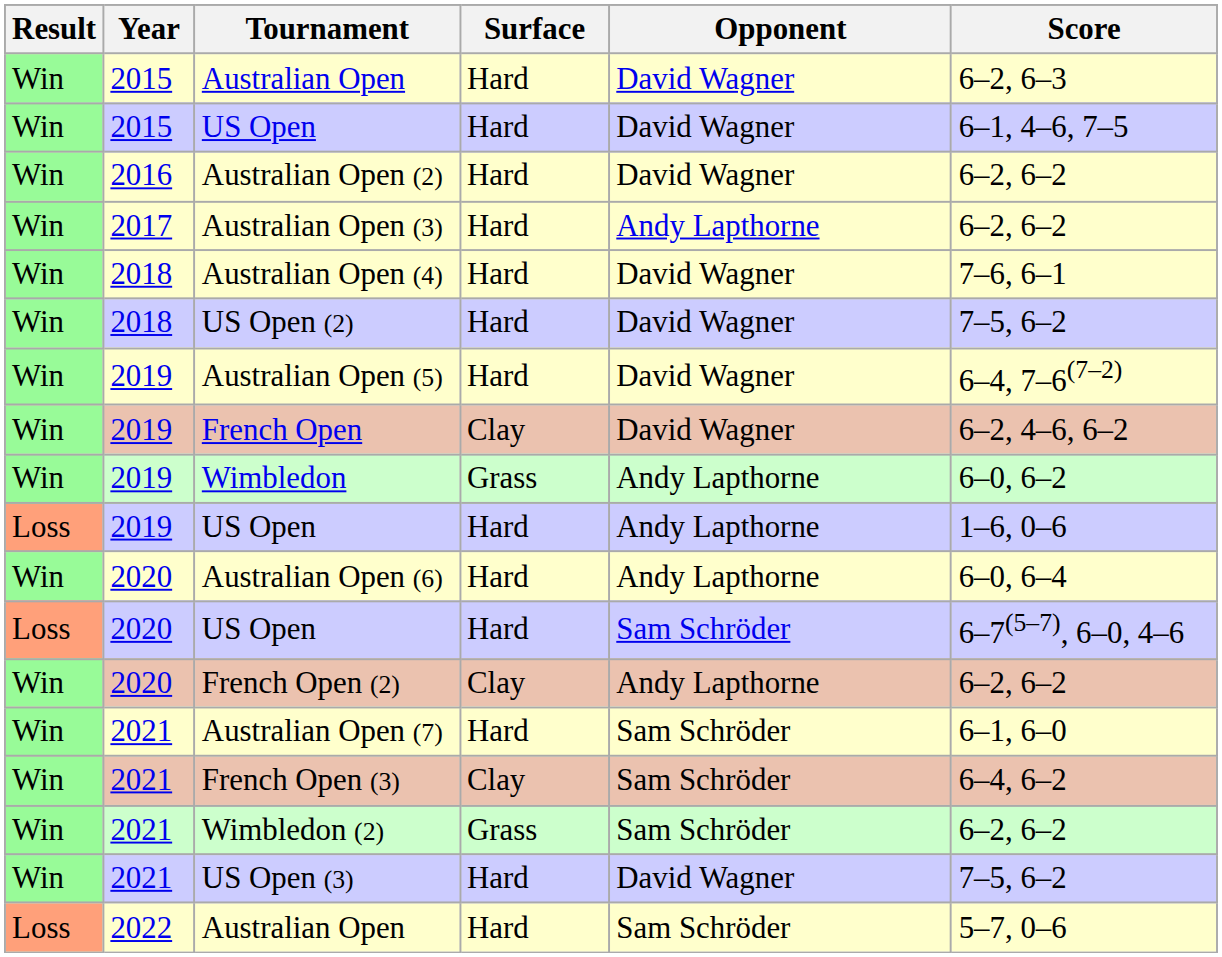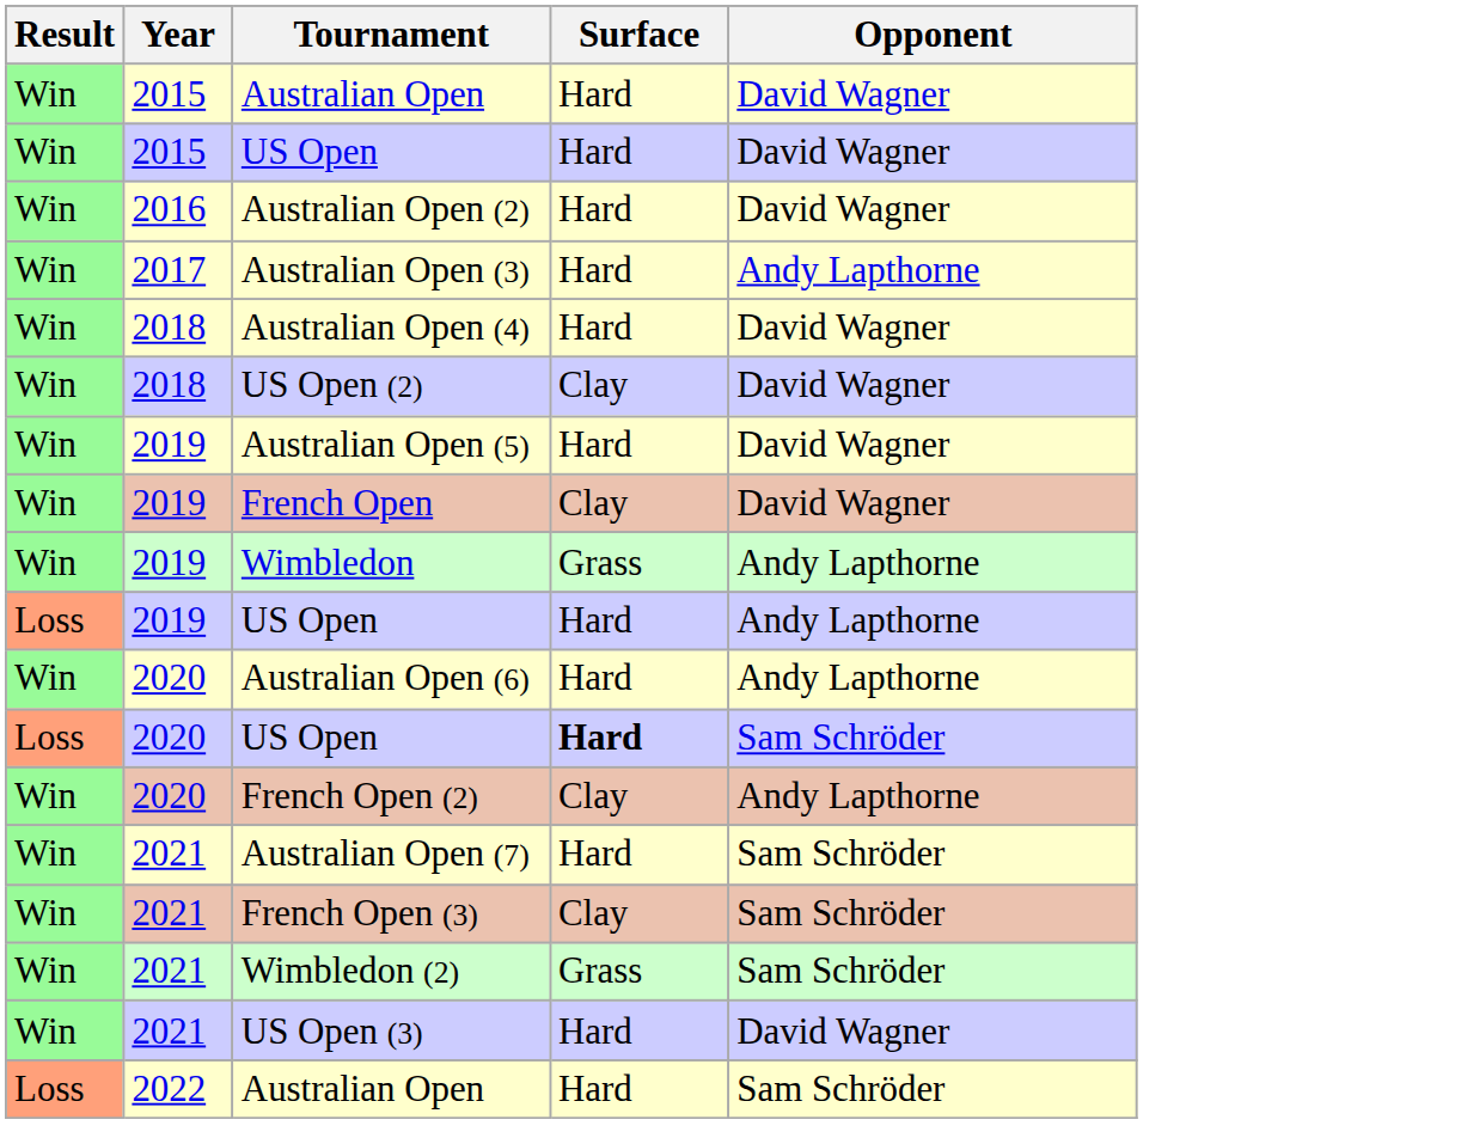 <table class="sortable wikitable">
 <tr>
 <th>Result</th>
 <th style="width:40px">Year</th>
 <th style="width:130px">Tournament</th>
 <th style="width:70px">Surface</th>
 <th style="width:170px">Opponent</th>
-<th style="width:130px" class="unsortable">Score</th>
 </tr>
 <tr style="background:#ffc;">
 <td style="background:#98FB98;">Win</td>
 <td><a href='#'>2015</a></td>
 <td><a href='#'>Australian Open</a></td>
 <td>Hard</td>
 <td> <a href='#'>David Wagner</a></td>
-<td>6–2, 6–3</td>
 </tr>
 <tr style="background:#ccf;">
 <td style="background:#98FB98;">Win</td>
 <td><a href='#'>2015</a></td>
 <td><a href='#'>US Open</a></td>
 <td>Hard</td>
 <td> David Wagner</td>
-<td>6–1, 4–6, 7–5</td>
 </tr>
 <tr style="background:#ffc;">
 <td style="background:#98FB98">Win</td>
 <td><a href='#'>2016</a></td>
 <td>Australian Open <small>(2)</small></td>
 <td>Hard</td>
 <td> David Wagner</td>
-<td>6–2, 6–2</td>
 </tr>
 <tr style="background:#ffc;">
 <td style="background:#98FB98">Win</td>
 <td><a href='#'>2017</a></td>
 <td>Australian Open <small>(3)</small></td>
 <td>Hard</td>
 <td> <a href='#'>Andy Lapthorne</a></td>
-<td>6–2, 6–2</td>
 </tr>
 <tr style="background:#ffc;">
 <td style="background:#98FB98">Win</td>
 <td><a href='#'>2018</a></td>
 <td>Australian Open <small>(4)</small></td>
 <td>Hard</td>
 <td> David Wagner</td>
-<td>7–6, 6–1</td>
 </tr>
 <tr style="background:#ccf;">
 <td style="background:#98FB98;">Win</td>
 <td><a href='#'>2018</a></td>
 <td>US Open <small>(2)</small></td>
-<td>Hard</td>
+<td>Clay</td>
 <td> David Wagner</td>
-<td>7–5, 6–2</td>
 </tr>
 <tr style="background:#ffc;">
 <td style="background:#98FB98">Win</td>
 <td><a href='#'>2019</a></td>
 <td>Australian Open <small>(5)</small></td>
 <td>Hard</td>
 <td> David Wagner</td>
-<td>6–4, 7–6<sup>(7–2)</sup></td>
 </tr>
 <tr style="background:#ebc2af;">
 <td style="background:#98fb98">Win</td>
 <td><a href='#'>2019</a></td>
 <td><a href='#'>French Open</a></td>
 <td>Clay</td>
 <td> David Wagner</td>
-<td>6–2, 4–6, 6–2</td>
 </tr>
 <tr style="background:#cfc;">
 <td style="background:#98fb98">Win</td>
 <td><a href='#'>2019</a></td>
 <td><a href='#'>Wimbledon</a></td>
 <td>Grass</td>
 <td> Andy Lapthorne</td>
-<td>6–0, 6–2</td>
 </tr>
 <tr style="background:#ccf;">
 <td style="background:#ffa07a;">Loss</td>
 <td><a href='#'>2019</a></td>
 <td>US Open</td>
 <td>Hard</td>
 <td> Andy Lapthorne</td>
-<td>1–6, 0–6</td>
 </tr>
 <tr style="background:#ffc;">
 <td style="background:#98FB98">Win</td>
 <td><a href='#'>2020</a></td>
 <td>Australian Open <small>(6)</small></td>
 <td>Hard</td>
 <td> Andy Lapthorne</td>
-<td>6–0, 6–4</td>
 </tr>
 <tr style="background:#ccf;">
 <td style="background:#ffa07a;">Loss</td>
 <td><a href='#'>2020</a></td>
 <td>US Open</td>
-<td>Hard</td>
+<td><strong>Hard</strong></td>
 <td> <a href='#'>Sam Schröder</a></td>
-<td>6–7<sup>(5–7)</sup>, 6–0, 4–6</td>
 </tr>
 <tr style="background:#ebc2af;">
 <td style="background:#98fb98">Win</td>
 <td><a href='#'>2020</a></td>
 <td>French Open <small>(2)</small></td>
 <td>Clay</td>
 <td> Andy Lapthorne</td>
-<td>6–2, 6–2</td>
 </tr>
 <tr style="background:#ffc;">
 <td style="background:#98FB98">Win</td>
 <td><a href='#'>2021</a></td>
 <td>Australian Open <small>(7)</small></td>
 <td>Hard</td>
 <td> Sam Schröder</td>
-<td>6–1, 6–0</td>
 </tr>
 <tr style="background:#ebc2af;">
 <td style="background:#98fb98">Win</td>
 <td><a href='#'>2021</a></td>
 <td>French Open <small>(3)</small></td>
 <td>Clay</td>
 <td> Sam Schröder</td>
-<td>6–4, 6–2</td>
 </tr>
 <tr style="background:#cfc;">
 <td style="background:#98fb98">Win</td>
 <td><a href='#'>2021</a></td>
 <td>Wimbledon <small>(2)</small></td>
 <td>Grass</td>
 <td> Sam Schröder</td>
-<td>6–2, 6–2</td>
 </tr>
 <tr style="background:#ccf;">
 <td style="background:#98FB98;">Win</td>
 <td><a href='#'>2021</a></td>
 <td>US Open <small>(3)</small></td>
 <td>Hard</td>
 <td> David Wagner</td>
-<td>7–5, 6–2</td>
 </tr>
 <tr style="background:#ffc;">
 <td style="background:#ffa07a;">Loss</td>
 <td><a href='#'>2022</a></td>
 <td>Australian Open</td>
 <td>Hard</td>
 <td> Sam Schröder</td>
-<td>5–7, 0–6</td>
 </tr>
 </table>
